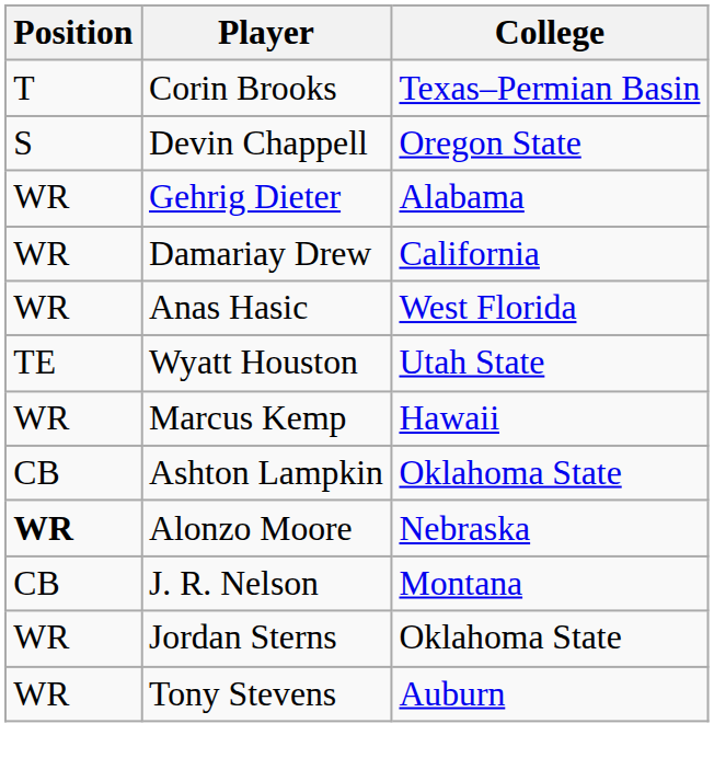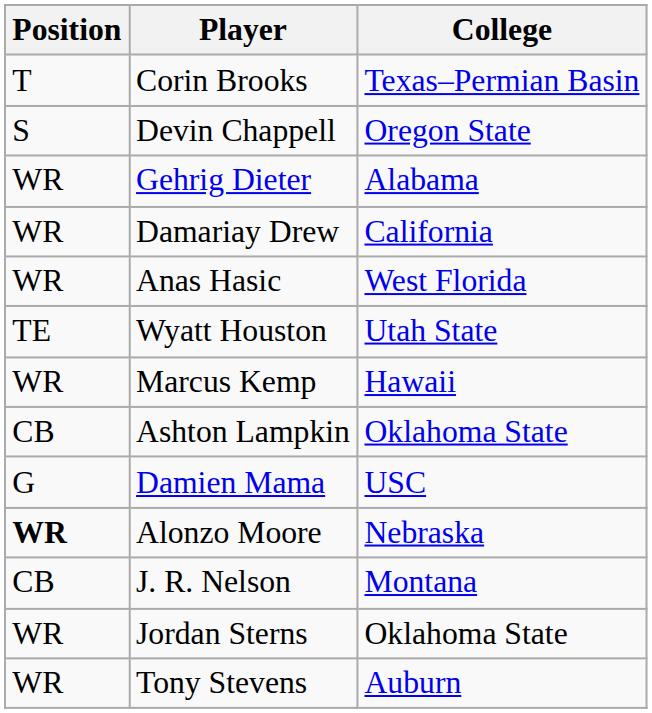 <table class="wikitable sortable">
 <tr>
 <th>Position</th>
 <th>Player</th>
 <th>College</th>
 </tr>
 <tr>
 <td>T</td>
 <td>Corin Brooks</td>
 <td><a href='#'>Texas–Permian Basin</a></td>
 </tr>
 <tr>
 <td>S</td>
 <td>Devin Chappell</td>
 <td><a href='#'>Oregon State</a></td>
 </tr>
 <tr>
 <td>WR</td>
 <td><a href='#'>Gehrig Dieter</a></td>
 <td><a href='#'>Alabama</a></td>
 </tr>
 <tr>
 <td>WR</td>
 <td>Damariay Drew</td>
 <td><a href='#'>California</a></td>
 </tr>
 <tr>
 <td>WR</td>
 <td>Anas Hasic</td>
 <td><a href='#'>West Florida</a></td>
 </tr>
 <tr>
 <td>TE</td>
 <td>Wyatt Houston</td>
 <td><a href='#'>Utah State</a></td>
 </tr>
 <tr>
 <td>WR</td>
 <td>Marcus Kemp</td>
 <td><a href='#'>Hawaii</a></td>
 </tr>
 <tr>
 <td>CB</td>
 <td>Ashton Lampkin</td>
 <td><a href='#'>Oklahoma State</a></td>
 </tr>
 <tr>
+<td>G</td>
+<td><a href='#'>Damien Mama</a></td>
+<td><a href='#'>USC</a></td>
+</tr>
+<tr>
 <td><strong>WR</strong></td>
 <td>Alonzo Moore</td>
 <td><a href='#'>Nebraska</a></td>
 </tr>
 <tr>
 <td>CB</td>
 <td>J. R. Nelson</td>
 <td><a href='#'>Montana</a></td>
 </tr>
 <tr>
 <td>WR</td>
 <td>Jordan Sterns</td>
 <td>Oklahoma State</td>
 </tr>
 <tr>
 <td>WR</td>
 <td>Tony Stevens</td>
 <td><a href='#'>Auburn</a></td>
 </tr>
 </table>
